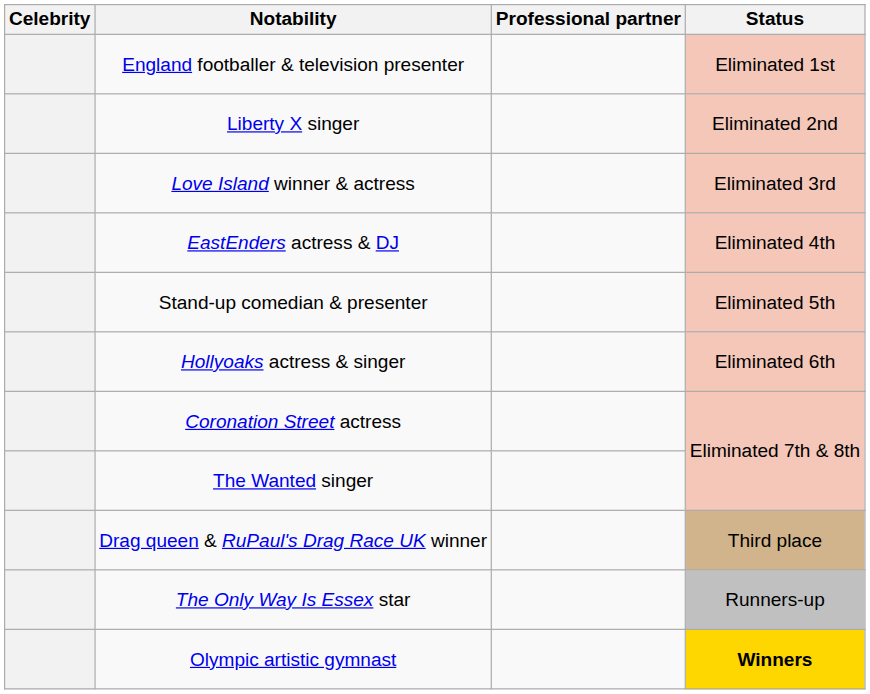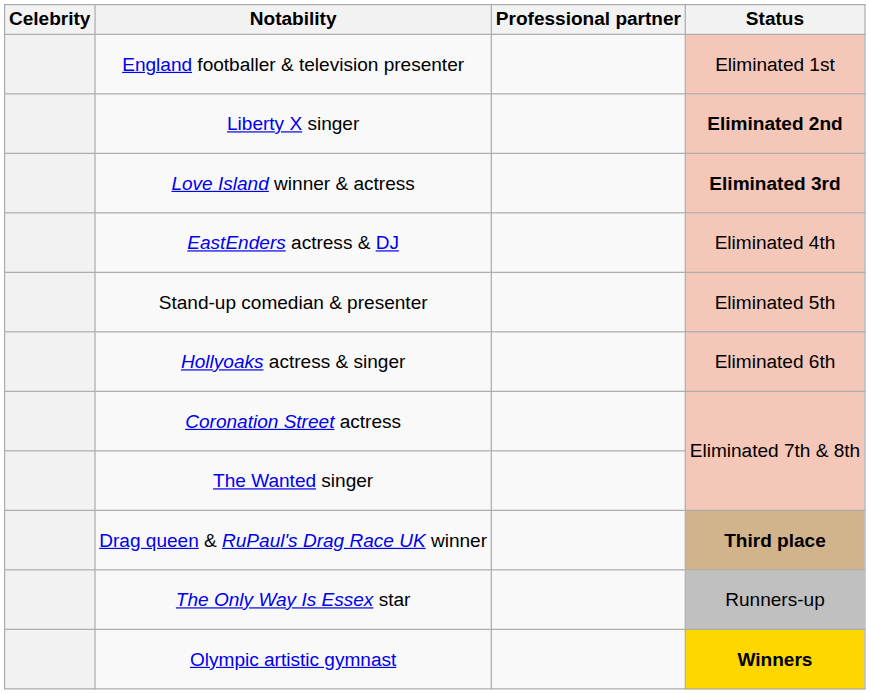 <table class="wikitable sortable" style="text-align:center;">
 <tr>
 <th scope="col">Celebrity</th>
 <th scope="col" class="unsortable">Notability</th>
 <th scope="col">Professional partner</th>
 <th scope="col">Status</th>
 </tr>
 <tr style="height:50px">
 <th scope="row"></th>
 <td><a href='#'>England</a> footballer & television presenter</td>
 <td></td>
 <td bgcolor="f4c7b8">Eliminated 1st<br></td>
 </tr>
 <tr style="height:50px">
 <th scope="row"></th>
 <td><a href='#'>Liberty X</a> singer</td>
 <td></td>
-<td bgcolor="f4c7b8">Eliminated 2nd<br></td>
+<td bgcolor="f4c7b8"><strong>Eliminated 2nd<br></strong></td>
 </tr>
 <tr style="height:50px">
 <th scope="row"></th>
 <td><em><a href='#'>Love Island</a></em> winner & actress</td>
 <td></td>
-<td bgcolor="f4c7b8">Eliminated 3rd<br></td>
+<td bgcolor="f4c7b8"><strong>Eliminated 3rd<br></strong></td>
 </tr>
 <tr style="height:50px">
 <th scope="row"></th>
 <td><em><a href='#'>EastEnders</a></em> actress & <a href='#'>DJ</a></td>
 <td></td>
 <td bgcolor="f4c7b8">Eliminated 4th<br></td>
 </tr>
 <tr style="height:50px">
 <th scope="row"></th>
 <td>Stand-up comedian & presenter</td>
 <td></td>
 <td bgcolor="f4c7b8">Eliminated 5th<br></td>
 </tr>
 <tr style="height:50px">
 <th scope="row"></th>
 <td><em><a href='#'>Hollyoaks</a></em> actress & singer</td>
 <td></td>
 <td bgcolor="f4c7b8">Eliminated 6th<br></td>
 </tr>
 <tr style="height:50px">
 <th scope="row"></th>
 <td><em><a href='#'>Coronation Street</a></em> actress</td>
 <td></td>
 <td bgcolor="f4c7b8" rowspan="2">Eliminated 7th & 8th<br></td>
 </tr>
 <tr style="height:50px">
 <th scope="row"></th>
 <td><a href='#'>The Wanted</a> singer</td>
 <td></td>
 </tr>
 <tr style="height:50px">
 <th scope="row"></th>
 <td><a href='#'>Drag queen</a> & <em><a href='#'>RuPaul's Drag Race UK</a></em> winner</td>
 <td></td>
-<td style="background:tan;">Third place<br></td>
+<td style="background:tan;"><strong>Third place<br></strong></td>
 </tr>
 <tr style="height:50px">
 <th scope="row"></th>
 <td><em><a href='#'>The Only Way Is Essex</a></em> star</td>
 <td></td>
 <td style="background:silver;">Runners-up<br></td>
 </tr>
 <tr style="height:50px">
 <th scope="row"></th>
 <td><a href='#'>Olympic artistic gymnast</a></td>
 <td></td>
 <td style="background:gold;"><strong>Winners</strong><br></td>
 </tr>
 </table>
